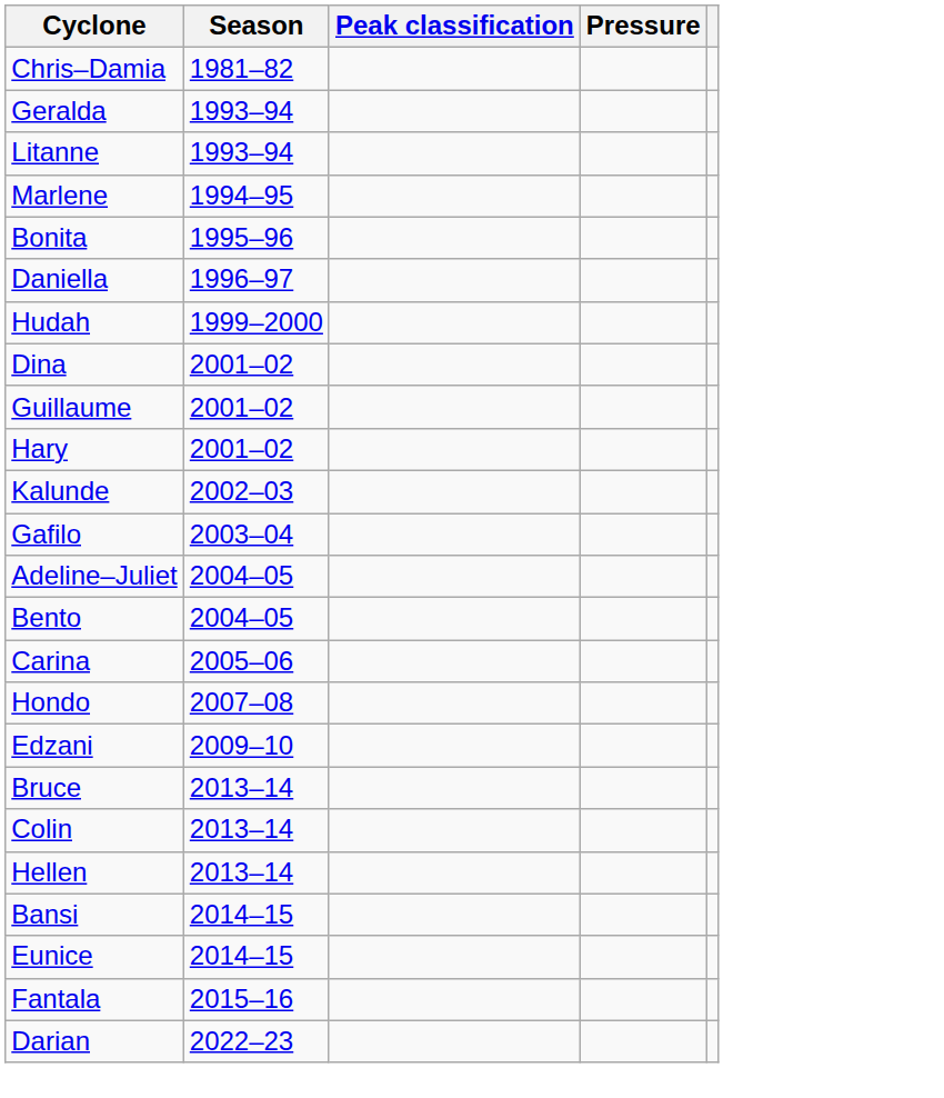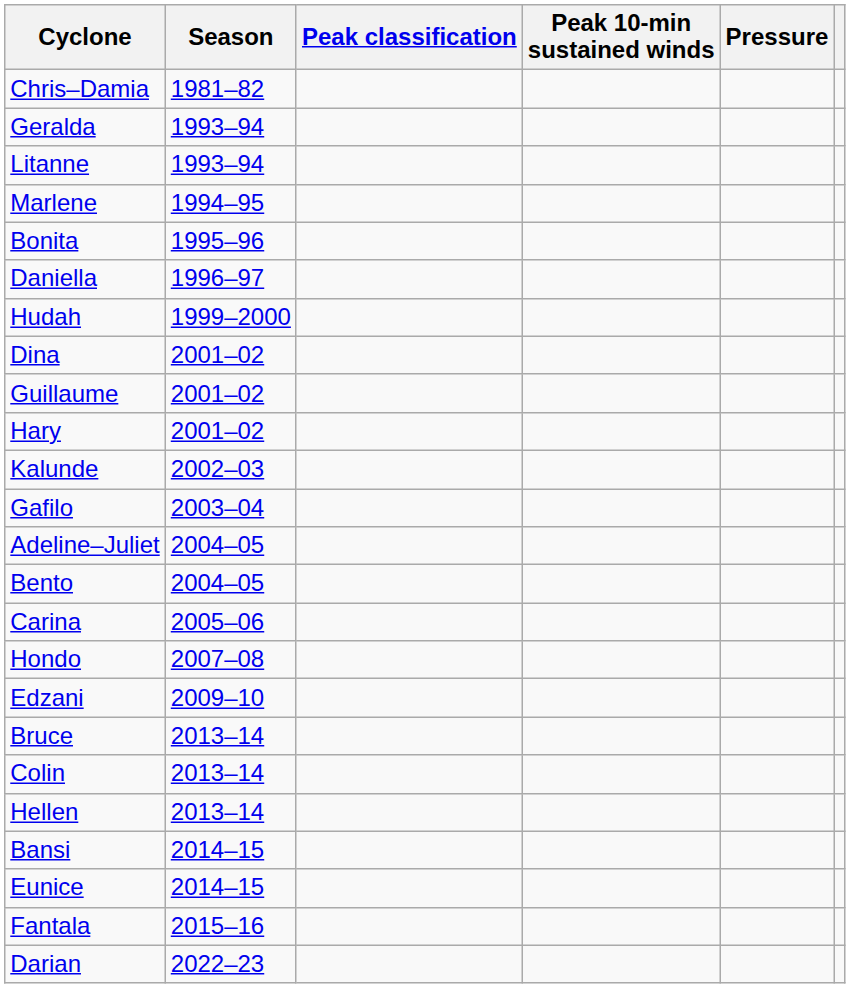 <table class="wikitable sortable">
 <tr>
 <th>Cyclone</th>
 <th>Season</th>
 <th><a href='#'>Peak classification</a></th>
+<th>Peak 10-min<br>sustained winds</th>
 <th>Pressure</th>
 <th></th>
 </tr>
 <tr>
 <td><a href='#'>Chris–Damia</a></td>
 <td><a href='#'>1981–82</a></td>
+<td></td>
 <td></td>
 <td></td>
 <td></td>
 </tr>
 <tr>
 <td><a href='#'>Geralda</a></td>
 <td><a href='#'>1993–94</a></td>
 <td></td>
 <td></td>
 <td></td>
+<td></td>
 </tr>
 <tr>
 <td><a href='#'>Litanne</a></td>
 <td><a href='#'>1993–94</a></td>
+<td></td>
 <td></td>
 <td></td>
 <td></td>
 </tr>
 <tr>
 <td><a href='#'>Marlene</a></td>
 <td><a href='#'>1994–95</a></td>
 <td></td>
 <td></td>
 <td></td>
+<td></td>
 </tr>
 <tr>
 <td><a href='#'>Bonita</a></td>
 <td><a href='#'>1995–96</a></td>
+<td></td>
 <td></td>
 <td></td>
 <td></td>
 </tr>
 <tr>
 <td><a href='#'>Daniella</a></td>
 <td><a href='#'>1996–97</a></td>
 <td></td>
 <td></td>
 <td></td>
+<td></td>
 </tr>
 <tr>
 <td><a href='#'>Hudah</a></td>
 <td><a href='#'>1999–2000</a></td>
+<td></td>
 <td></td>
 <td></td>
 <td></td>
 </tr>
 <tr>
 <td><a href='#'>Dina</a></td>
 <td><a href='#'>2001–02</a></td>
 <td></td>
 <td></td>
 <td></td>
+<td></td>
 </tr>
 <tr>
 <td><a href='#'>Guillaume</a></td>
 <td><a href='#'>2001–02</a></td>
+<td></td>
 <td></td>
 <td></td>
 <td></td>
 </tr>
 <tr>
 <td><a href='#'>Hary</a></td>
 <td><a href='#'>2001–02</a></td>
 <td></td>
 <td></td>
 <td></td>
+<td></td>
 </tr>
 <tr>
 <td><a href='#'>Kalunde</a></td>
 <td><a href='#'>2002–03</a></td>
+<td></td>
 <td></td>
 <td></td>
 <td></td>
 </tr>
 <tr>
 <td><a href='#'>Gafilo</a></td>
 <td><a href='#'>2003–04</a></td>
 <td></td>
 <td></td>
 <td></td>
+<td></td>
 </tr>
 <tr>
 <td><a href='#'>Adeline–Juliet</a></td>
 <td><a href='#'>2004–05</a></td>
+<td></td>
 <td></td>
 <td></td>
 <td></td>
 </tr>
 <tr>
 <td><a href='#'>Bento</a></td>
 <td><a href='#'>2004–05</a></td>
 <td></td>
 <td></td>
 <td></td>
+<td></td>
 </tr>
 <tr>
 <td><a href='#'>Carina</a></td>
 <td><a href='#'>2005–06</a></td>
+<td></td>
 <td></td>
 <td></td>
 <td></td>
 </tr>
 <tr>
 <td><a href='#'>Hondo</a></td>
 <td><a href='#'>2007–08</a></td>
 <td></td>
 <td></td>
 <td></td>
+<td></td>
 </tr>
 <tr>
 <td><a href='#'>Edzani</a></td>
 <td><a href='#'>2009–10</a></td>
+<td></td>
 <td></td>
 <td></td>
 <td></td>
 </tr>
 <tr>
 <td><a href='#'>Bruce</a></td>
 <td><a href='#'>2013–14</a></td>
 <td></td>
 <td></td>
 <td></td>
+<td></td>
 </tr>
 <tr>
 <td><a href='#'>Colin</a></td>
 <td><a href='#'>2013–14</a></td>
+<td></td>
 <td></td>
 <td></td>
 <td></td>
 </tr>
 <tr>
 <td><a href='#'>Hellen</a></td>
 <td><a href='#'>2013–14</a></td>
 <td></td>
 <td></td>
 <td></td>
+<td></td>
 </tr>
 <tr>
 <td><a href='#'>Bansi</a></td>
 <td><a href='#'>2014–15</a></td>
+<td></td>
 <td></td>
 <td></td>
 <td></td>
 </tr>
 <tr>
 <td><a href='#'>Eunice</a></td>
 <td><a href='#'>2014–15</a></td>
 <td></td>
 <td></td>
 <td></td>
+<td></td>
 </tr>
 <tr>
 <td><a href='#'>Fantala</a></td>
 <td><a href='#'>2015–16</a></td>
+<td></td>
 <td></td>
 <td></td>
 <td></td>
 </tr>
 <tr>
 <td><a href='#'>Darian</a></td>
 <td><a href='#'>2022–23</a></td>
 <td></td>
 <td></td>
 <td></td>
+<td></td>
 </tr>
 </table>
